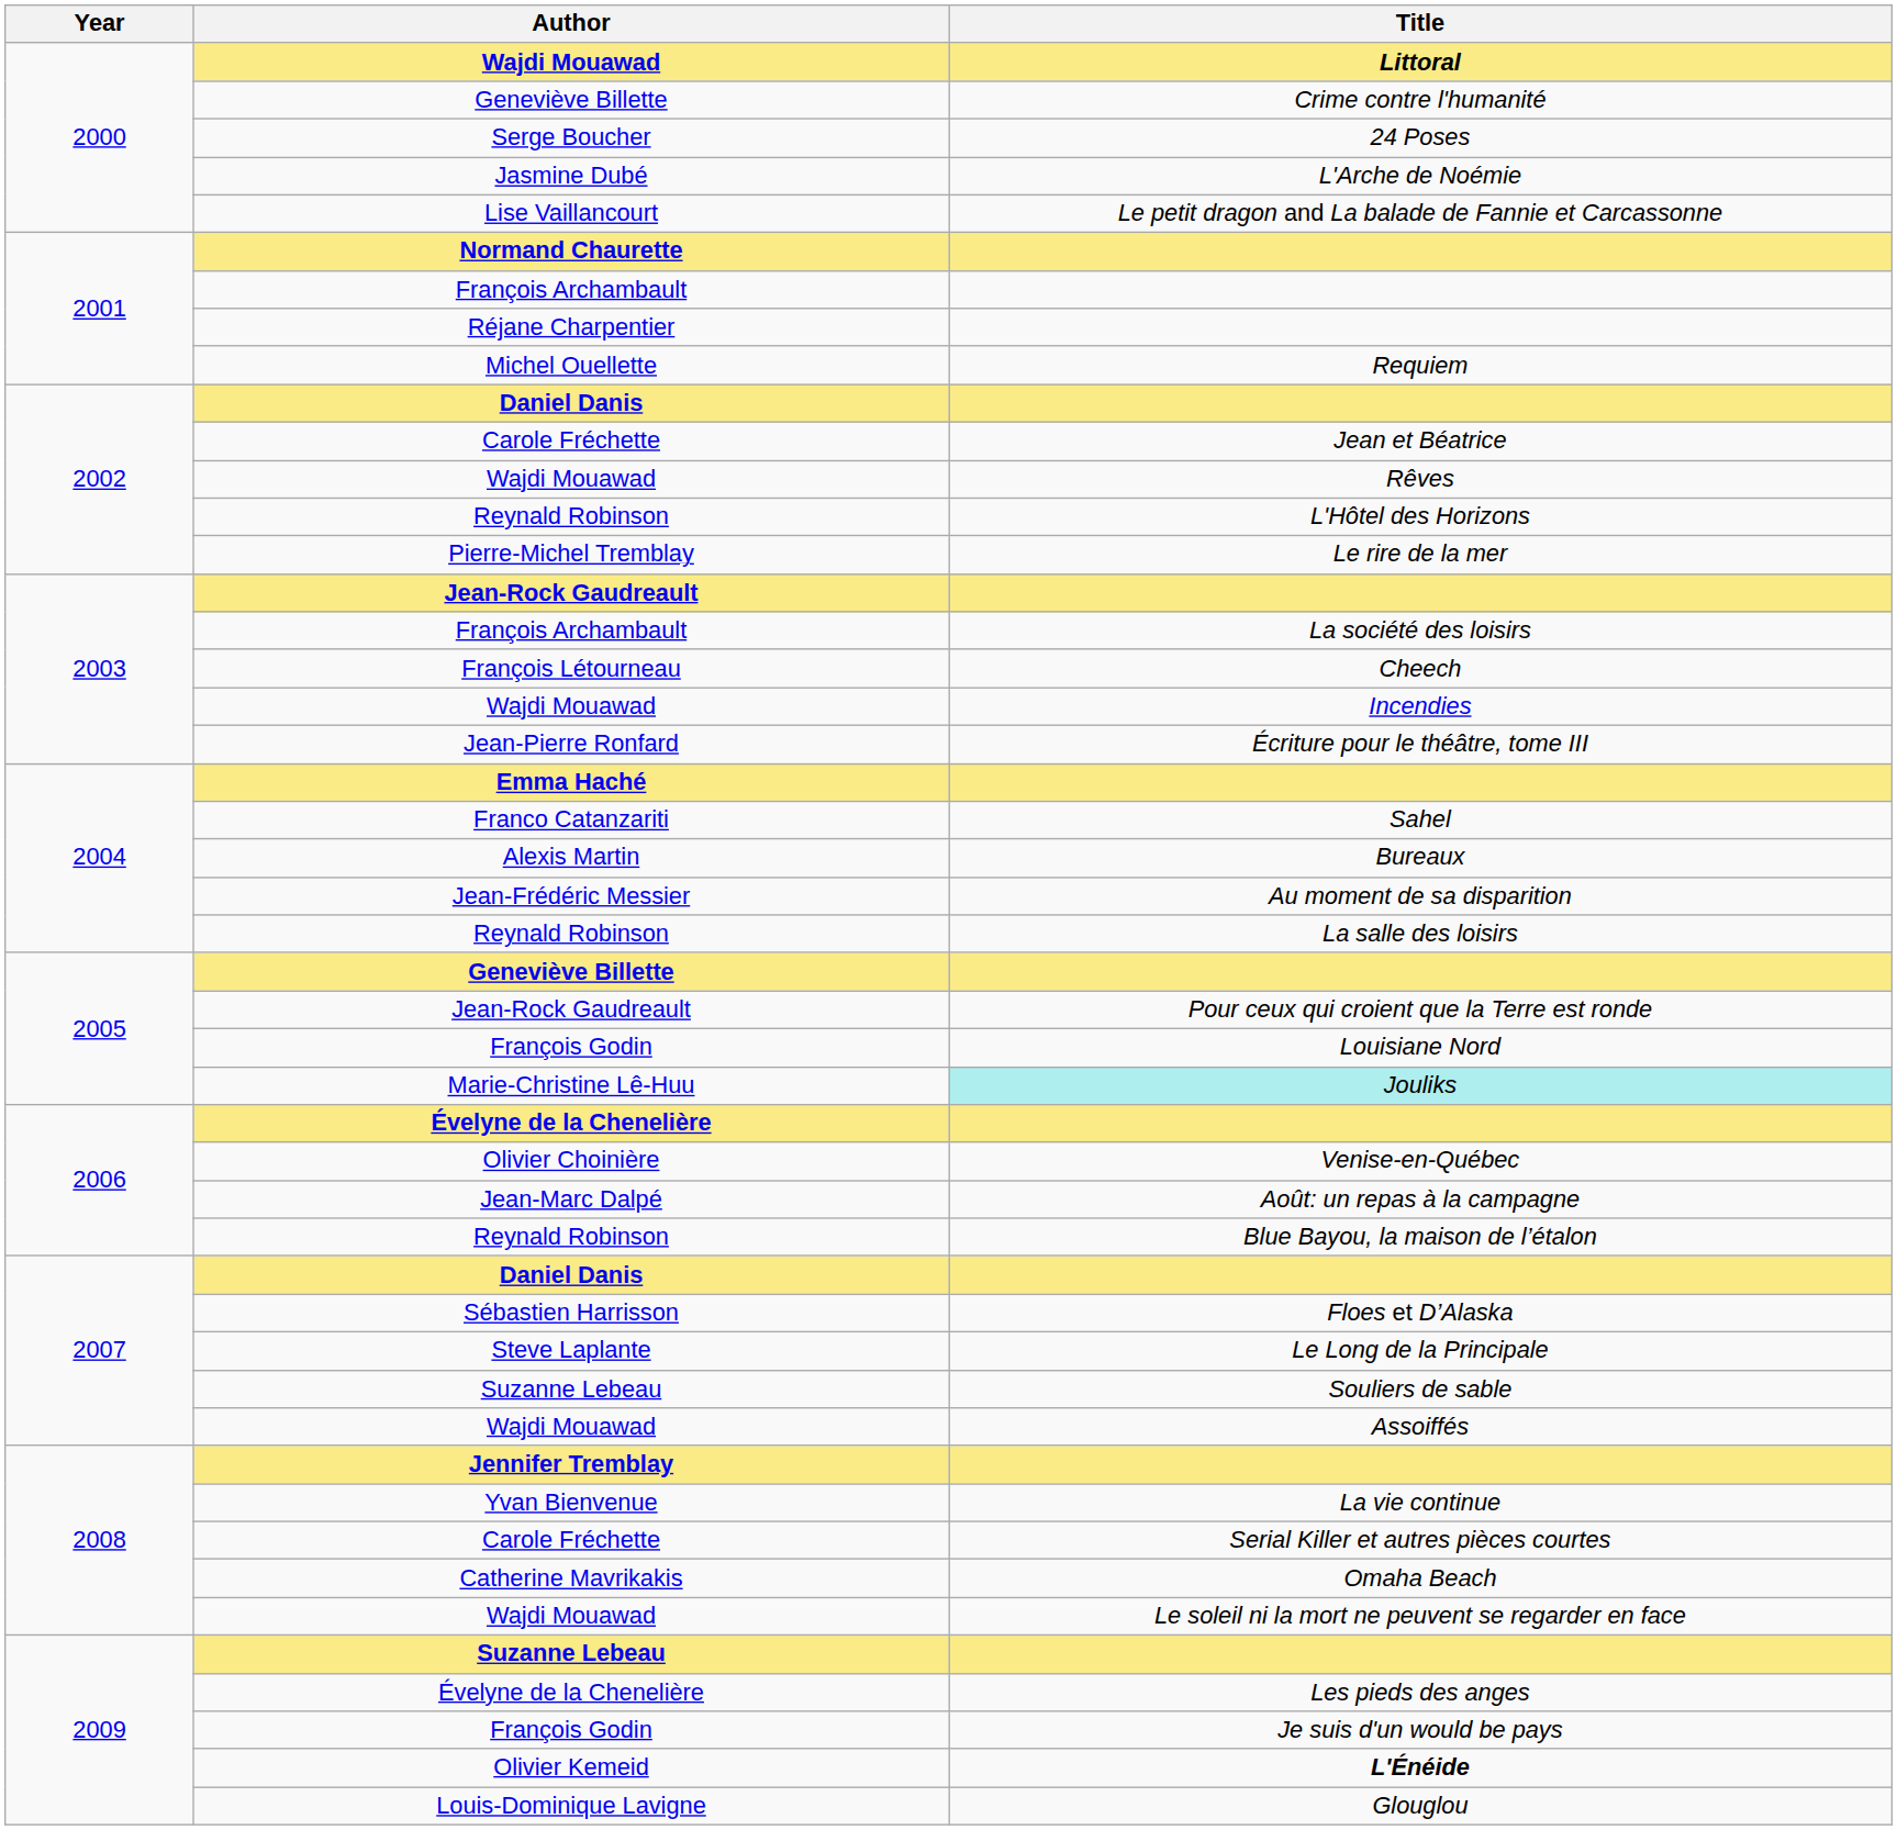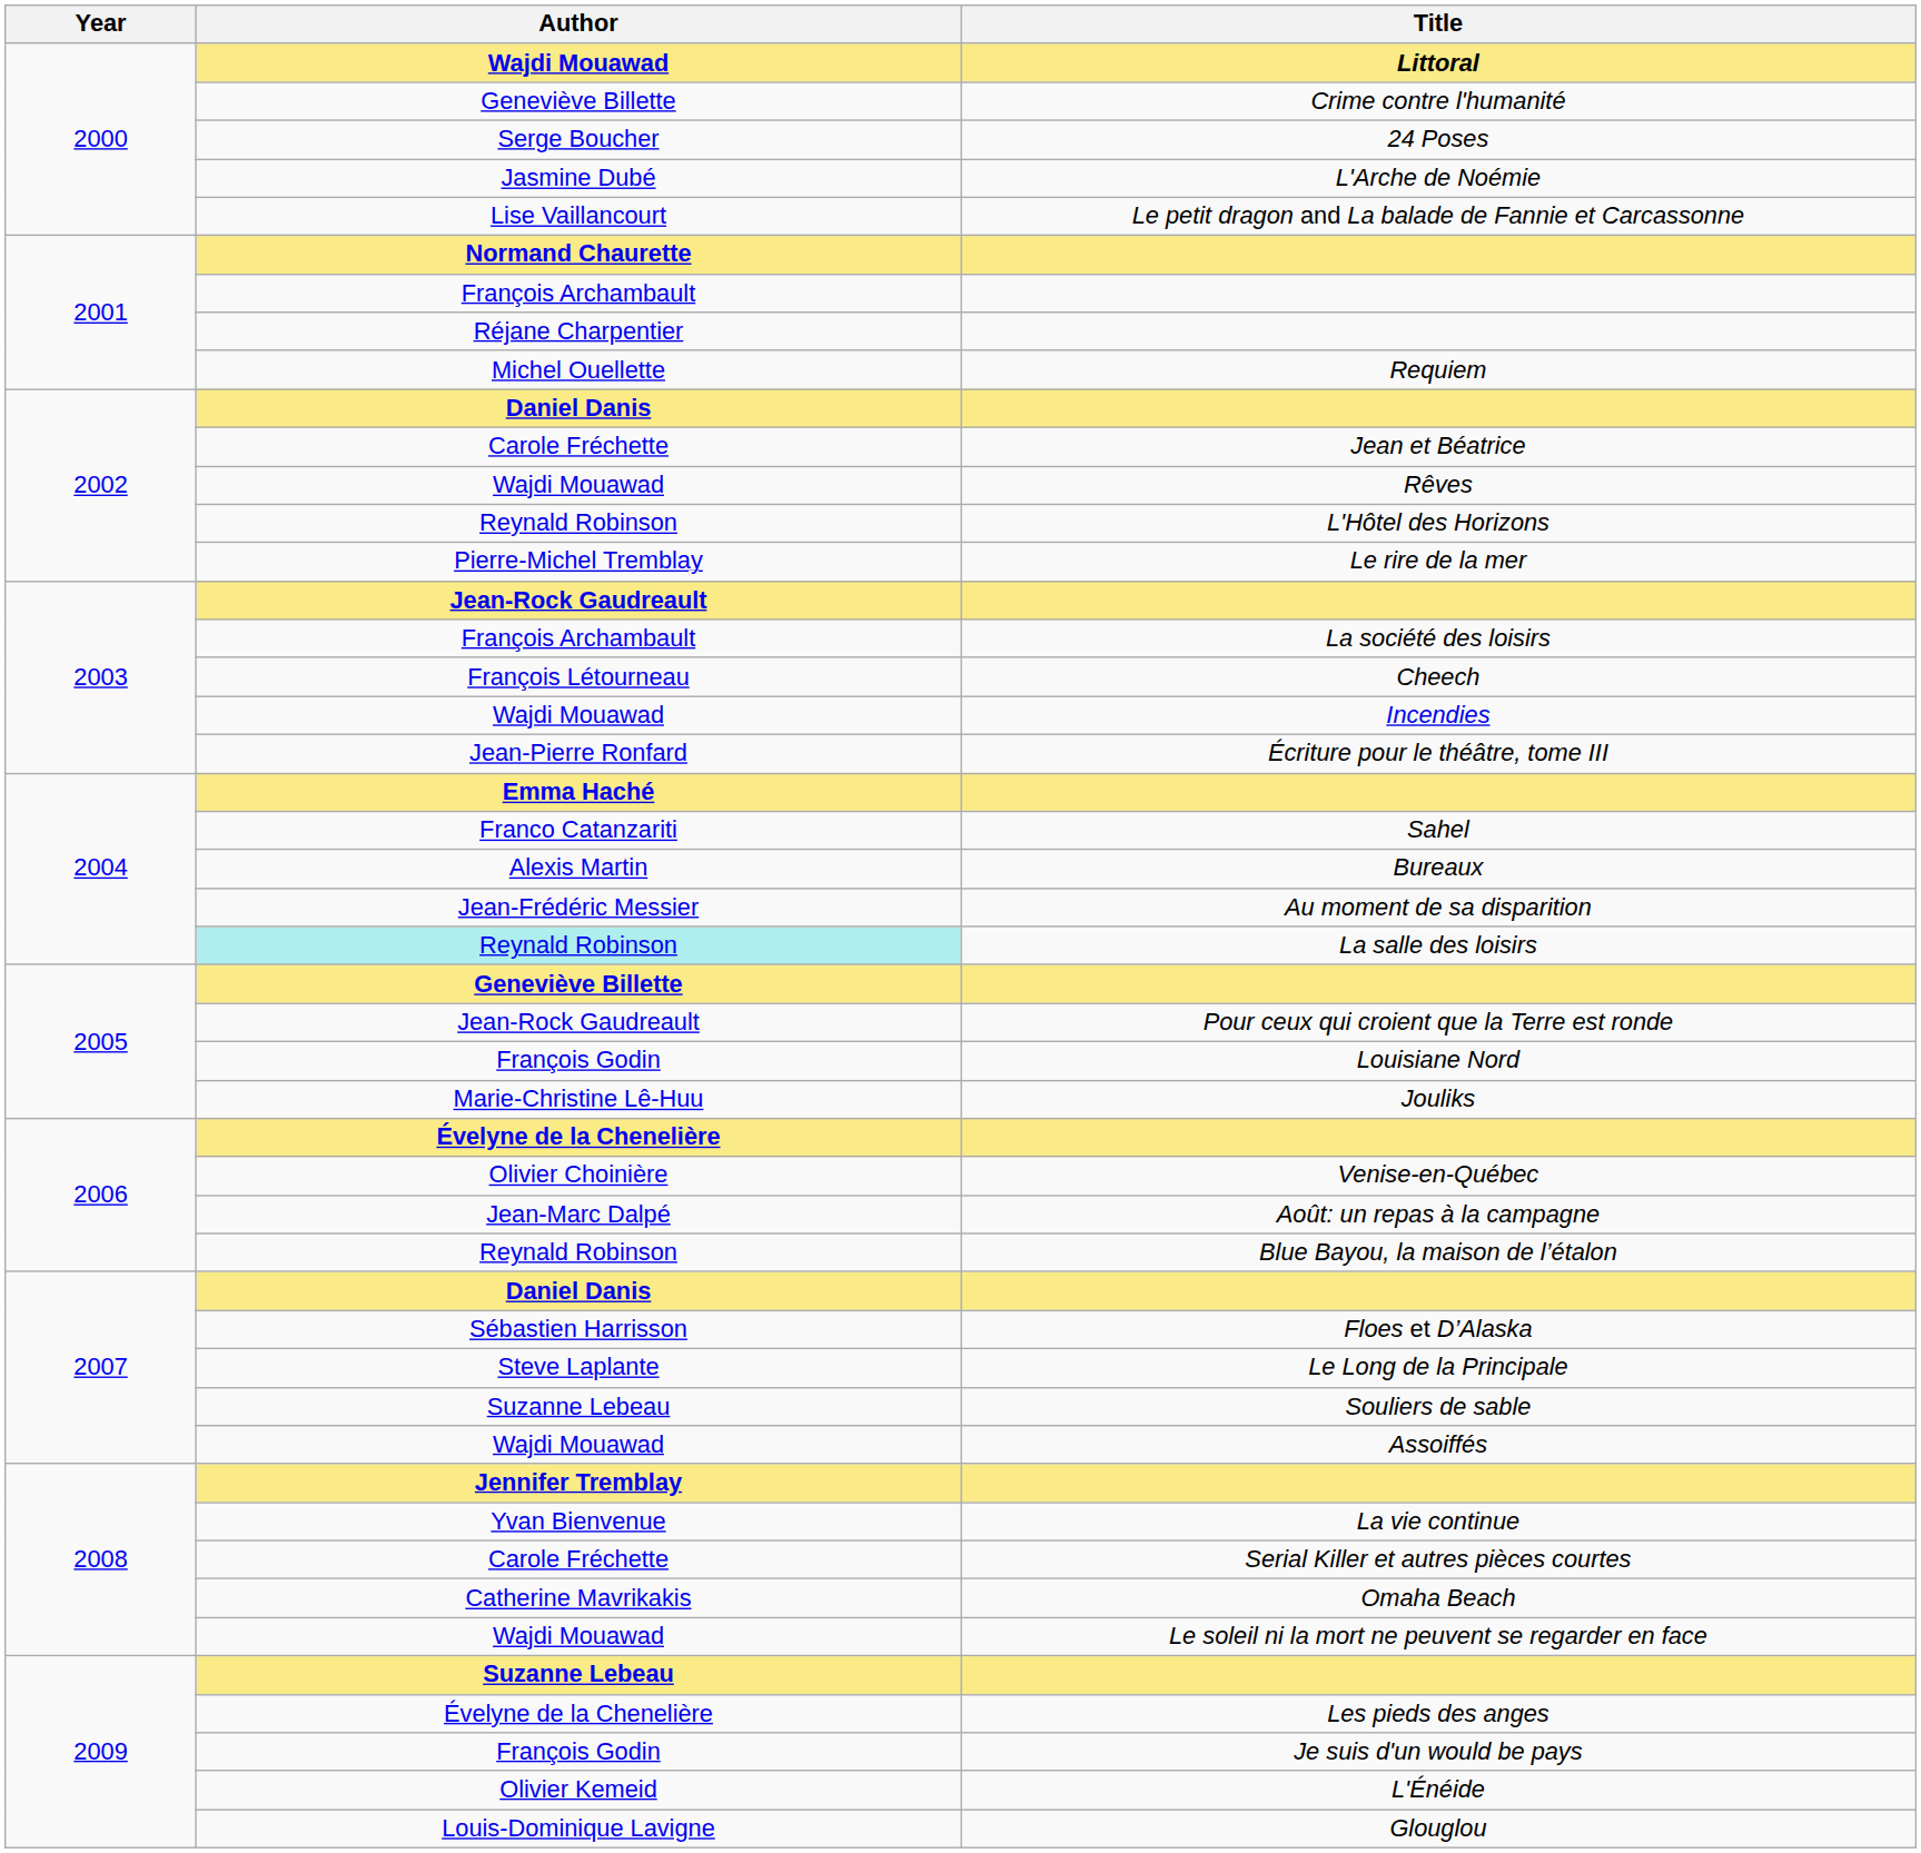 <table class="wikitable" width="100%">
 <tr>
 <th>Year</th>
 <th width="40%">Author</th>
 <th width="50%">Title</th>
 </tr>
 <tr>
 <td align="center" rowspan="5"><a href='#'>2000</a></td>
 <td align="center"  style="background:#FAEB86"><strong><a href='#'>Wajdi Mouawad</a></strong></td>
 <td align="center"  style="background:#FAEB86"><strong><em>Littoral</em></strong></td>
 </tr>
 <tr>
 <td align="center"><a href='#'>Geneviève Billette</a></td>
 <td align="center"><em>Crime contre l'humanité</em></td>
 </tr>
 <tr>
 <td align="center"><a href='#'>Serge Boucher</a></td>
 <td align="center"><em>24 Poses</em></td>
 </tr>
 <tr>
 <td align="center"><a href='#'>Jasmine Dubé</a></td>
 <td align="center"><em>L'Arche de Noémie</em></td>
 </tr>
 <tr>
 <td align="center"><a href='#'>Lise Vaillancourt</a></td>
 <td align="center"><em>Le petit dragon</em> and <em>La balade de Fannie et Carcassonne</em></td>
 </tr>
 <tr>
 <td align="center" rowspan="4"><a href='#'>2001</a></td>
 <td align="center"  style="background:#FAEB86"><strong><a href='#'>Normand Chaurette</a></strong></td>
 <td align="center"  style="background:#FAEB86"><strong><em></em></strong></td>
 </tr>
 <tr>
 <td align="center"><a href='#'>François Archambault</a></td>
 <td align="center"><em></em></td>
 </tr>
 <tr>
 <td align="center"><a href='#'>Réjane Charpentier</a></td>
 <td align="center"><em></em></td>
 </tr>
 <tr>
 <td align="center"><a href='#'>Michel Ouellette</a></td>
 <td align="center"><em>Requiem</em></td>
 </tr>
 <tr>
 <td align="center" rowspan="5"><a href='#'>2002</a></td>
 <td align="center"  style="background:#FAEB86"><strong><a href='#'>Daniel Danis</a></strong></td>
 <td align="center"  style="background:#FAEB86"><strong><em></em></strong></td>
 </tr>
 <tr>
 <td align="center"><a href='#'>Carole Fréchette</a></td>
 <td align="center"><em>Jean et Béatrice</em></td>
 </tr>
 <tr>
 <td align="center"><a href='#'>Wajdi Mouawad</a></td>
 <td align="center"><em>Rêves</em></td>
 </tr>
 <tr>
 <td align="center"><a href='#'>Reynald Robinson</a></td>
 <td align="center"><em>L'Hôtel des Horizons</em></td>
 </tr>
 <tr>
 <td align="center"><a href='#'>Pierre-Michel Tremblay</a></td>
 <td align="center"><em>Le rire de la mer</em></td>
 </tr>
 <tr>
 <td align="center" rowspan="5"><a href='#'>2003</a></td>
 <td align="center"  style="background:#FAEB86"><strong><a href='#'>Jean-Rock Gaudreault</a></strong></td>
 <td align="center"  style="background:#FAEB86"><strong><em></em></strong></td>
 </tr>
 <tr>
 <td align="center"><a href='#'>François Archambault</a></td>
 <td align="center"><em>La société des loisirs</em></td>
 </tr>
 <tr>
 <td align="center"><a href='#'>François Létourneau</a></td>
 <td align="center"><em>Cheech</em></td>
 </tr>
 <tr>
 <td align="center"><a href='#'>Wajdi Mouawad</a></td>
 <td align="center"><em><a href='#'>Incendies</a></em></td>
 </tr>
 <tr>
 <td align="center"><a href='#'>Jean-Pierre Ronfard</a></td>
 <td align="center"><em>Écriture pour le théâtre, tome III</em></td>
 </tr>
 <tr>
 <td align="center" rowspan="5"><a href='#'>2004</a></td>
 <td align="center"  style="background:#FAEB86"><strong><a href='#'>Emma Haché</a></strong></td>
 <td align="center"  style="background:#FAEB86"><strong><em></em></strong></td>
 </tr>
 <tr>
 <td align="center"><a href='#'>Franco Catanzariti</a></td>
 <td align="center"><em>Sahel</em></td>
 </tr>
 <tr>
 <td align="center"><a href='#'>Alexis Martin</a></td>
 <td align="center"><em>Bureaux</em></td>
 </tr>
 <tr>
 <td align="center"><a href='#'>Jean-Frédéric Messier</a></td>
 <td align="center"><em>Au moment de sa disparition</em></td>
 </tr>
 <tr>
-<td align="center"><a href='#'>Reynald Robinson</a></td>
+<td align="center" style="background: paleturquoise;"><a href='#'>Reynald Robinson</a></td>
 <td align="center"><em>La salle des loisirs</em></td>
 </tr>
 <tr>
 <td align="center" rowspan="4"><a href='#'>2005</a></td>
 <td align="center"  style="background:#FAEB86"><strong><a href='#'>Geneviève Billette</a></strong></td>
 <td align="center"  style="background:#FAEB86"><strong><em></em></strong></td>
 </tr>
 <tr>
 <td align="center"><a href='#'>Jean-Rock Gaudreault</a></td>
 <td align="center"><em>Pour ceux qui croient que la Terre est ronde</em></td>
 </tr>
 <tr>
 <td align="center"><a href='#'>François Godin</a></td>
 <td align="center"><em>Louisiane Nord</em></td>
 </tr>
 <tr>
 <td align="center"><a href='#'>Marie-Christine Lê-Huu</a></td>
-<td align="center" style="background: paleturquoise;"><em>Jouliks</em></td>
+<td align="center"><em>Jouliks</em></td>
 </tr>
 <tr>
 <td align="center" rowspan="4"><a href='#'>2006</a></td>
 <td align="center"  style="background:#FAEB86"><strong><a href='#'>Évelyne de la Chenelière</a></strong></td>
 <td align="center"  style="background:#FAEB86"><strong><em></em></strong></td>
 </tr>
 <tr>
 <td align="center"><a href='#'>Olivier Choinière</a></td>
 <td align="center"><em>Venise-en-Québec</em></td>
 </tr>
 <tr>
 <td align="center"><a href='#'>Jean-Marc Dalpé</a></td>
 <td align="center"><em>Août: un repas à la campagne</em></td>
 </tr>
 <tr>
 <td align="center"><a href='#'>Reynald Robinson</a></td>
 <td align="center"><em>Blue Bayou, la maison de l’étalon</em></td>
 </tr>
 <tr>
 <td align="center" rowspan="5"><a href='#'>2007</a></td>
 <td align="center"  style="background:#FAEB86"><strong><a href='#'>Daniel Danis</a></strong></td>
 <td align="center"  style="background:#FAEB86"><strong><em></em></strong></td>
 </tr>
 <tr>
 <td align="center"><a href='#'>Sébastien Harrisson</a></td>
 <td align="center"><em>Floes</em> et <em>D’Alaska</em></td>
 </tr>
 <tr>
 <td align="center"><a href='#'>Steve Laplante</a></td>
 <td align="center"><em>Le Long de la Principale</em></td>
 </tr>
 <tr>
 <td align="center"><a href='#'>Suzanne Lebeau</a></td>
 <td align="center"><em>Souliers de sable</em></td>
 </tr>
 <tr>
 <td align="center"><a href='#'>Wajdi Mouawad</a></td>
 <td align="center"><em>Assoiffés</em></td>
 </tr>
 <tr>
 <td align="center" rowspan="5"><a href='#'>2008</a></td>
 <td align="center"  style="background:#FAEB86"><strong><a href='#'>Jennifer Tremblay</a></strong></td>
 <td align="center"  style="background:#FAEB86"><strong><em></em></strong></td>
 </tr>
 <tr>
 <td align="center"><a href='#'>Yvan Bienvenue</a></td>
 <td align="center"><em>La vie continue</em></td>
 </tr>
 <tr>
 <td align="center"><a href='#'>Carole Fréchette</a></td>
 <td align="center"><em>Serial Killer et autres pièces courtes</em></td>
 </tr>
 <tr>
 <td align="center"><a href='#'>Catherine Mavrikakis</a></td>
 <td align="center"><em>Omaha Beach</em></td>
 </tr>
 <tr>
 <td align="center"><a href='#'>Wajdi Mouawad</a></td>
 <td align="center"><em>Le soleil ni la mort ne peuvent se regarder en face</em></td>
 </tr>
 <tr>
 <td align="center" rowspan="5"><a href='#'>2009</a></td>
 <td align="center"  style="background:#FAEB86"><strong><a href='#'>Suzanne Lebeau</a></strong></td>
 <td align="center"  style="background:#FAEB86"><strong><em></em></strong></td>
 </tr>
 <tr>
 <td align="center"><a href='#'>Évelyne de la Chenelière</a></td>
 <td align="center"><em>Les pieds des anges</em></td>
 </tr>
 <tr>
 <td align="center"><a href='#'>François Godin</a></td>
 <td align="center"><em>Je suis d'un would be pays</em></td>
 </tr>
 <tr>
 <td align="center"><a href='#'>Olivier Kemeid</a></td>
-<td align="center"><strong><em>L'Énéide</em></strong></td>
+<td align="center"><em>L'Énéide</em></td>
 </tr>
 <tr>
 <td align="center"><a href='#'>Louis-Dominique Lavigne</a></td>
 <td align="center"><em>Glouglou</em></td>
 </tr>
 </table>
